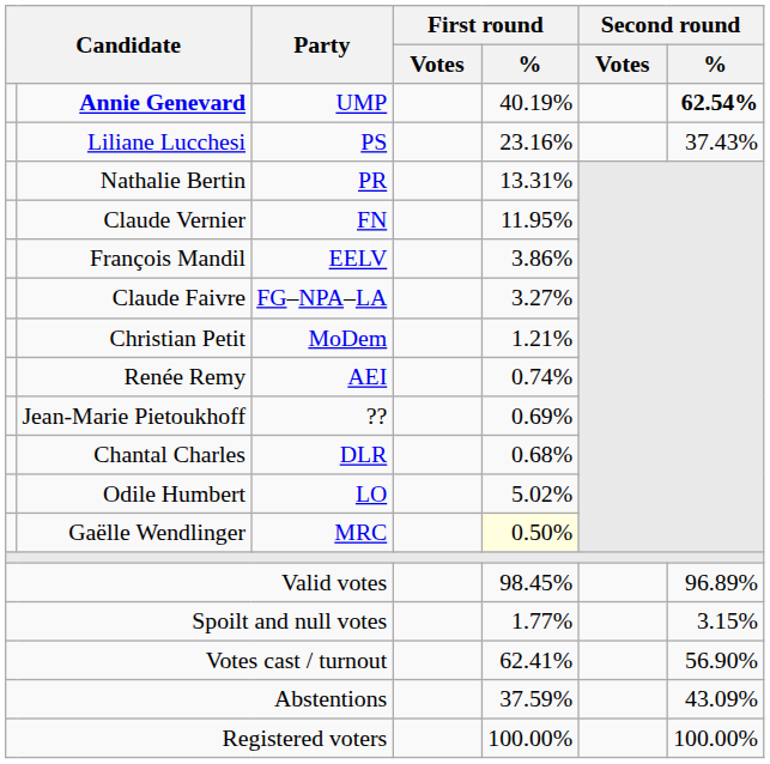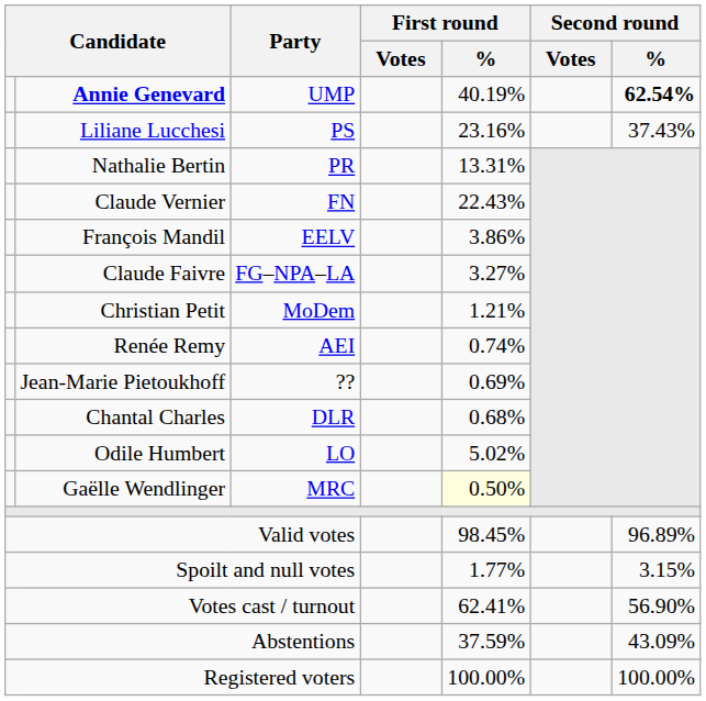 <table class="wikitable" style="text-align:right;font-size:95%;">
 <tr>
 <th rowspan=2 colspan=2>Candidate</th>
 <th rowspan=2 colspan=1>Party</th>
 <th colspan=2>First round</th>
 <th colspan=2>Second round</th>
 </tr>
 <tr>
 <th style="width:50px;">Votes</th>
 <th style="width:55px;">%</th>
 <th style="width:50px;">Votes</th>
 <th style="width:55px;">%</th>
 </tr>
 <tr>
 <td style="color:inherit;background-color:"></td>
 <td><strong><a href='#'>Annie Genevard</a></strong></td>
 <td><a href='#'>UMP</a></td>
 <td></td>
 <td>40.19%</td>
 <td><strong></strong></td>
 <td><strong>62.54%</strong></td>
 </tr>
 <tr>
 <td style="color:inherit;background-color:"></td>
 <td><a href='#'>Liliane Lucchesi</a></td>
 <td><a href='#'>PS</a></td>
 <td></td>
 <td>23.16%</td>
 <td></td>
 <td>37.43%</td>
 </tr>
 <tr>
 <td style="color:inherit;background-color:"></td>
 <td>Nathalie Bertin</td>
 <td><a href='#'>PR</a></td>
 <td></td>
 <td>13.31%</td>
 <td colspan=7 rowspan=10 style="background-color:#E9E9E9;"></td>
 </tr>
 <tr>
 <td style="color:inherit;background-color:"></td>
 <td>Claude Vernier</td>
 <td><a href='#'>FN</a></td>
 <td></td>
-<td>11.95%</td>
+<td>22.43%</td>
 </tr>
 <tr>
 <td style="color:inherit;background-color:"></td>
 <td>François Mandil</td>
 <td><a href='#'>EELV</a></td>
 <td></td>
 <td>3.86%</td>
 </tr>
 <tr>
 <td style="color:inherit;background-color:"></td>
 <td>Claude Faivre</td>
 <td><a href='#'>FG</a>–<a href='#'>NPA</a>–<a href='#'>LA</a></td>
 <td></td>
 <td>3.27%</td>
 </tr>
 <tr>
 <td style="color:inherit;background-color:"></td>
 <td>Christian Petit</td>
 <td><a href='#'>MoDem</a></td>
 <td></td>
 <td>1.21%</td>
 </tr>
 <tr>
 <td style="color:inherit;background-color:"></td>
 <td>Renée Remy</td>
 <td><a href='#'>AEI</a></td>
 <td></td>
 <td>0.74%</td>
 </tr>
 <tr>
 <td style="background-color:;"></td>
 <td>Jean-Marie Pietoukhoff</td>
 <td>??</td>
 <td></td>
 <td>0.69%</td>
 </tr>
 <tr>
 <td style="color:inherit;background-color:"></td>
 <td>Chantal Charles</td>
 <td><a href='#'>DLR</a></td>
 <td></td>
 <td>0.68%</td>
 </tr>
 <tr>
 <td style="color:inherit;background-color:"></td>
 <td>Odile Humbert</td>
 <td><a href='#'>LO</a></td>
 <td></td>
 <td>5.02%</td>
 </tr>
 <tr>
 <td style="color:inherit;background-color:"></td>
 <td>Gaëlle Wendlinger</td>
 <td><a href='#'>MRC</a></td>
 <td></td>
 <td style="background: lightyellow;">0.50%</td>
 </tr>
 <tr>
 <td colspan=7 style="background-color:#E9E9E9;"></td>
 </tr>
 <tr>
 <td colspan=3>Valid votes</td>
 <td></td>
 <td>98.45%</td>
 <td></td>
 <td>96.89%</td>
 </tr>
 <tr>
 <td colspan=3>Spoilt and null votes</td>
 <td></td>
 <td>1.77%</td>
 <td></td>
 <td>3.15%</td>
 </tr>
 <tr>
 <td colspan=3>Votes cast / turnout</td>
 <td></td>
 <td>62.41%</td>
 <td></td>
 <td>56.90%</td>
 </tr>
 <tr>
 <td colspan=3>Abstentions</td>
 <td></td>
 <td>37.59%</td>
 <td></td>
 <td>43.09%</td>
 </tr>
 <tr>
 <td colspan=3>Registered voters</td>
 <td></td>
 <td>100.00%</td>
 <td></td>
 <td>100.00%</td>
 </tr>
 </table>
